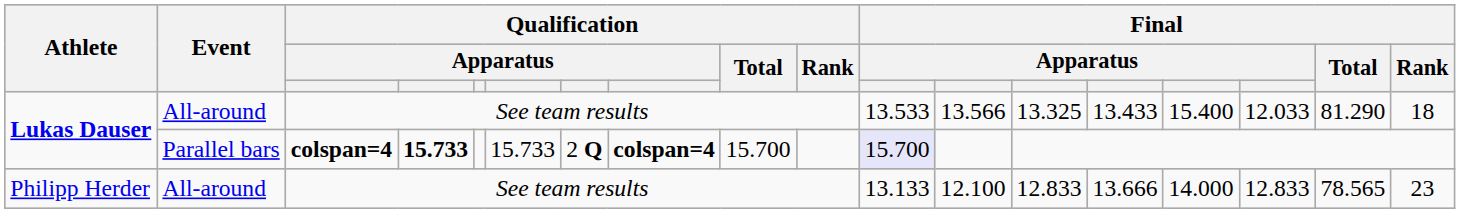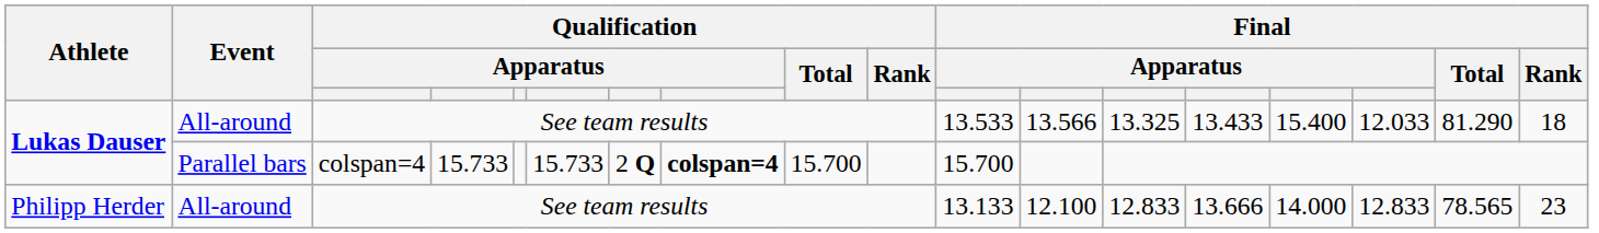 <table class=wikitable style="font-size:90%; text-align:center">
 <tr>
 <th rowspan=3>Athlete</th>
 <th rowspan=3>Event</th>
 <th colspan =8>Qualification</th>
 <th colspan =8>Final</th>
 </tr>
 <tr style=font-size:95%>
 <th colspan=6>Apparatus</th>
 <th rowspan=2>Total</th>
 <th rowspan=2>Rank</th>
 <th colspan=6>Apparatus</th>
 <th rowspan=2>Total</th>
 <th rowspan=2>Rank</th>
 </tr>
 <tr style=font-size:95%>
 <th></th>
 <th></th>
 <th></th>
 <th></th>
 <th></th>
 <th></th>
 <th></th>
 <th></th>
 <th></th>
 <th></th>
 <th></th>
 <th></th>
 </tr>
 <tr>
 <td align=left rowspan=2><strong><a href='#'>Lukas Dauser</a></strong></td>
 <td align=left><a href='#'>All-around</a></td>
 <td colspan=8><em>See team results</em></td>
 <td>13.533</td>
 <td>13.566</td>
 <td>13.325</td>
 <td>13.433</td>
 <td>15.400</td>
 <td>12.033</td>
 <td>81.290</td>
 <td>18</td>
 </tr>
 <tr align=center>
 <td align=left><a href='#'>Parallel bars</a></td>
-<td><strong>colspan=4</strong></td>
-<td><strong>15.733</strong></td>
+<td>colspan=4</td>
+<td>15.733</td>
 <td></td>
 <td>15.733</td>
 <td>2 <strong>Q</strong></td>
 <td><strong>colspan=4</strong></td>
 <td>15.700</td>
 <td></td>
-<td style="background: lavender;">15.700</td>
+<td>15.700</td>
 <td></td>
 </tr>
 <tr align=center>
 <td align=left><a href='#'>Philipp Herder</a></td>
 <td align=left><a href='#'>All-around</a></td>
 <td colspan=8><em>See team results</em></td>
 <td>13.133</td>
 <td>12.100</td>
 <td>12.833</td>
 <td>13.666</td>
 <td>14.000</td>
 <td>12.833</td>
 <td>78.565</td>
 <td>23</td>
 </tr>
 </table>
